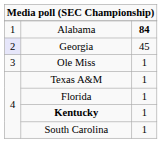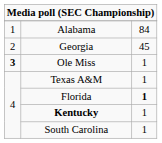 <table class="wikitable">
 <tr align="center">
 <td align="center" Colspan="3"><strong>Media poll (SEC Championship)</strong></td>
 </tr>
 <tr align="center">
 </tr>
 <tr align="center">
 <td>1</td>
 <td>Alabama</td>
-<td><strong>84</strong></td>
+<td>84</td>
 </tr>
 <tr align="center">
-<td style="background: lavender;">2</td>
+<td>2</td>
 <td>Georgia</td>
 <td>45</td>
 </tr>
 <tr align="center">
-<td>3</td>
+<td><strong>3</strong></td>
 <td>Ole Miss</td>
 <td>1</td>
 </tr>
 <tr align="center">
 <td rowspan="5">4</td>
 <td>Texas A&M</td>
 <td>1</td>
 </tr>
 <tr align="center">
 <td>Florida</td>
-<td>1</td>
+<td><strong>1</strong></td>
 </tr>
 <tr align="center">
 <td><strong>Kentucky</strong></td>
 <td>1</td>
 </tr>
 <tr align="center">
 <td>South Carolina</td>
 <td>1</td>
 </tr>
 </table>
